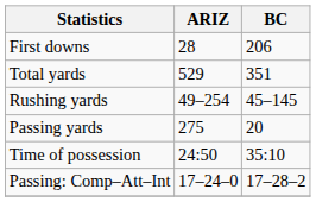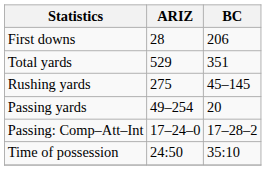 <table class="wikitable" style="float: left;">
 <tr>
 <th>Statistics</th>
 <th>ARIZ</th>
 <th>BC</th>
 </tr>
 <tr>
 <td>First downs</td>
 <td>28</td>
 <td>206</td>
 </tr>
 <tr>
 <td>Total yards</td>
 <td>529</td>
 <td>351</td>
 </tr>
 <tr>
 <td>Rushing yards</td>
-<td>49–254</td>
+<td>275</td>
 <td>45–145</td>
 </tr>
 <tr>
 <td>Passing yards</td>
-<td>275</td>
+<td>49–254</td>
 <td>20</td>
+</tr>
+<tr>
+<td>Passing: Comp–Att–Int</td>
+<td>17–24–0</td>
+<td>17–28–2</td>
 </tr>
 <tr>
 <td>Time of possession</td>
 <td>24:50</td>
 <td>35:10</td>
 </tr>
 <tr>
-<td>Passing: Comp–Att–Int</td>
-<td>17–24–0</td>
-<td>17–28–2</td>
-</tr>
-<tr>
 </tr>
 </table>
